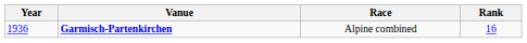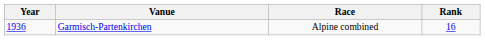 <table class="wikitable" width=40% style="font-size:100%; text-align:center;">
 <tr>
 <th>Year</th>
 <th>Vanue</th>
 <th>Race</th>
 <th>Rank</th>
 </tr>
 <tr>
 <td align=left><a href='#'>1936</a></td>
-<td align=left><strong> <a href='#'>Garmisch-Partenkirchen</a></strong></td>
+<td align=left> <a href='#'>Garmisch-Partenkirchen</a></td>
 <td>Alpine combined</td>
 <td><a href='#'>16</a></td>
 </tr>
 </table>
